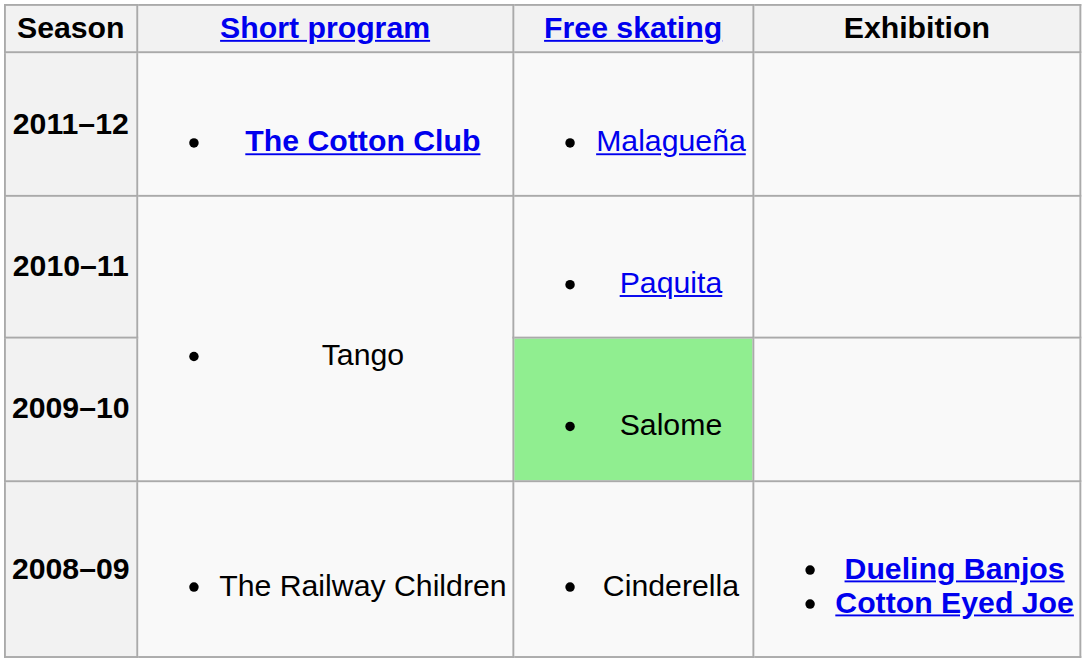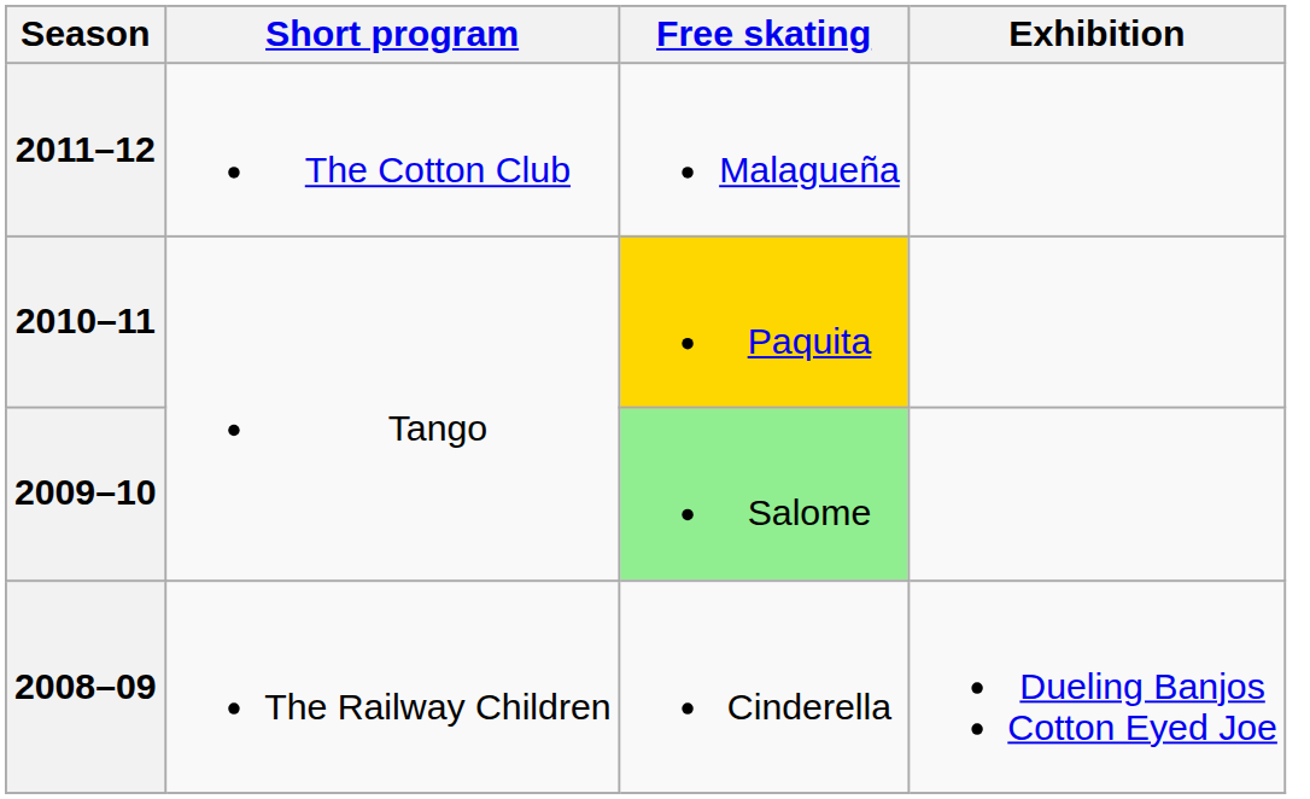 <table class="wikitable" style="text-align: center">
 <tr>
 <th>Season</th>
 <th><a href='#'>Short program</a></th>
 <th><a href='#'>Free skating</a></th>
 <th>Exhibition</th>
 </tr>
 <tr>
 <th>2011–12 <br> </th>
-<td><strong><br><ul><li><a href='#'>The Cotton Club</a> <br> </li></ul></strong></td>
+<td><br><ul><li><a href='#'>The Cotton Club</a> <br> </li></ul></td>
 <td><br><ul><li><a href='#'>Malagueña</a> <br> </li></ul></td>
 <td></td>
 </tr>
 <tr>
 <th>2010–11 <br> </th>
 <td rowspan=2><br><ul><li>Tango <br> </li></ul></td>
-<td><br><ul><li><a href='#'>Paquita</a> <br> </li></ul></td>
+<td style="background: gold;"><br><ul><li><a href='#'>Paquita</a> <br> </li></ul></td>
 <td></td>
 </tr>
 <tr>
 <th>2009–10 <br> </th>
 <td style="background: lightgreen;"><br><ul><li>Salome <br></li></ul></td>
 <td></td>
 </tr>
 <tr>
 <th>2008–09 <br> </th>
 <td><br><ul><li>The Railway Children <br></li></ul></td>
 <td><br><ul><li>Cinderella <br></li></ul></td>
-<td><strong><br><ul><li><a href='#'>Dueling Banjos</a></li><li><a href='#'>Cotton Eyed Joe</a></li></ul></strong></td>
+<td><br><ul><li><a href='#'>Dueling Banjos</a></li><li><a href='#'>Cotton Eyed Joe</a></li></ul></td>
 </tr>
 </table>
